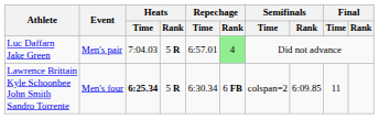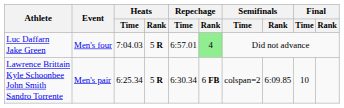 <table class="wikitable" style="font-size:90%">
 <tr>
 <th rowspan="2">Athlete</th>
 <th rowspan="2">Event</th>
 <th colspan="2">Heats</th>
 <th colspan="2">Repechage</th>
 <th colspan="2">Semifinals</th>
 <th colspan="2">Final</th>
 </tr>
 <tr style="font-size:95%">
 <th>Time</th>
 <th>Rank</th>
 <th>Time</th>
 <th>Rank</th>
 <th>Time</th>
 <th>Rank</th>
 <th>Time</th>
 <th>Rank</th>
 </tr>
 <tr align=center>
 <td align=left><a href='#'>Luc Daffarn</a><br><a href='#'>Jake Green</a></td>
-<td align=left><a href='#'>Men's pair</a></td>
+<td align=left><a href='#'>Men's four</a></td>
 <td>7:04.03</td>
 <td>5 <strong>R</strong></td>
 <td>6:57.01</td>
 <td style="background: lightgreen;">4</td>
 <td colspan=4>Did not advance</td>
 </tr>
 <tr align=center>
 <td align=left><a href='#'>Lawrence Brittain</a><br><a href='#'>Kyle Schoonbee</a><br><a href='#'>John Smith</a><br><a href='#'>Sandro Torrente</a></td>
-<td align=left><a href='#'>Men's four</a></td>
-<td><strong>6:25.34</strong></td>
+<td align=left><a href='#'>Men's pair</a></td>
+<td>6:25.34</td>
 <td>5 <strong>R</strong></td>
 <td>6:30.34</td>
 <td>6 <strong>FB</strong></td>
 <td>colspan=2 </td>
 <td>6:09.85</td>
-<td>11</td>
+<td>10</td>
 </tr>
 </table>
